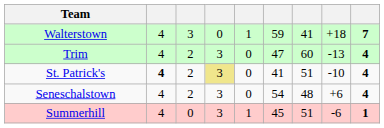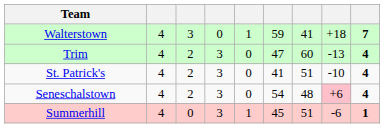 <table class="wikitable" style="text-align:center">
 <tr>
 <th width="175">Team</th>
 <th width="30"></th>
 <th width="30"></th>
 <th width="30"></th>
 <th width="30"></th>
 <th width="30"></th>
 <th width="30"></th>
 <th width="30"></th>
 <th width="30"></th>
 </tr>
 <tr style="background:#cfc;">
 <td><a href='#'>Walterstown</a></td>
 <td>4</td>
 <td>3</td>
 <td>0</td>
 <td>1</td>
 <td>59</td>
 <td>41</td>
 <td>+18</td>
 <td><strong>7</strong></td>
 </tr>
 <tr style="background:#cfc;">
 <td><a href='#'>Trim</a></td>
 <td>4</td>
 <td>2</td>
 <td>3</td>
 <td>0</td>
 <td>47</td>
 <td>60</td>
 <td>-13</td>
 <td><strong>4</strong></td>
 </tr>
 <tr>
 <td><a href='#'>St. Patrick's</a></td>
-<td><strong>4</strong></td>
+<td>4</td>
 <td>2</td>
-<td style="background: khaki;">3</td>
+<td>3</td>
 <td>0</td>
 <td>41</td>
 <td>51</td>
 <td>-10</td>
 <td><strong>4</strong></td>
 </tr>
 <tr>
 <td><a href='#'>Seneschalstown</a></td>
 <td>4</td>
 <td>2</td>
 <td>3</td>
 <td>0</td>
 <td>54</td>
 <td>48</td>
-<td>+6</td>
+<td style="background: pink;">+6</td>
 <td><strong>4</strong></td>
 </tr>
 <tr style="background:#fcc;">
 <td><a href='#'>Summerhill</a></td>
 <td>4</td>
 <td>0</td>
 <td>3</td>
 <td>1</td>
 <td>45</td>
 <td>51</td>
 <td>-6</td>
 <td><strong>1</strong></td>
 </tr>
 </table>
